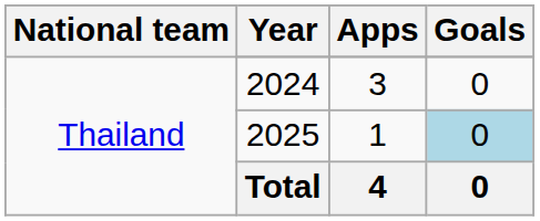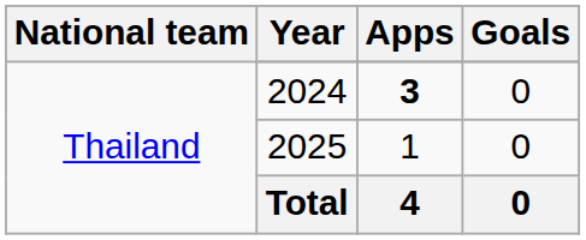 <table class="wikitable" style="text-align:center">
 <tr>
 <th>National team</th>
 <th>Year</th>
 <th>Apps</th>
 <th>Goals</th>
 </tr>
 <tr>
 <td rowspan="4" valign="center"><a href='#'>Thailand</a></td>
 </tr>
 <tr>
 <td>2024</td>
-<td>3</td>
+<td><strong>3</strong></td>
 <td>0</td>
 </tr>
 <tr>
 <td>2025</td>
 <td>1</td>
-<td style="background: lightblue;">0</td>
+<td>0</td>
 </tr>
 <tr>
 <th>Total</th>
 <th>4</th>
 <th>0</th>
 </tr>
 </table>
